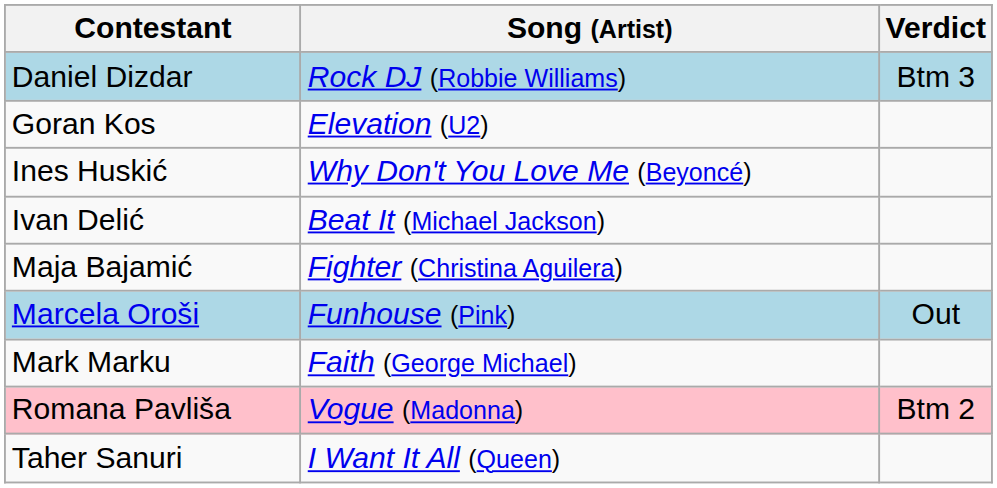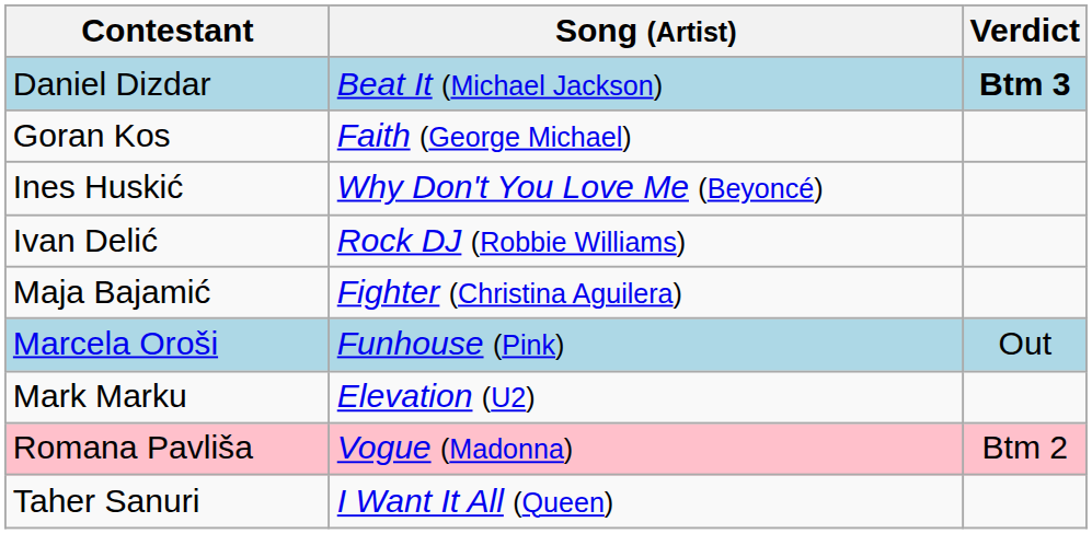 <table class="wikitable">
 <tr>
 <th width="150">Contestant</th>
 <th width="300">Song <small>(Artist)</small></th>
 <th width="28">Verdict</th>
 </tr>
 <tr bgcolor="lightblue">
 <td align="left">Daniel Dizdar</td>
-<td align="left"><em><a href='#'>Rock DJ</a></em> <small>(<a href='#'>Robbie Williams</a>)</small></td>
-<td align="center">Btm 3</td>
+<td align="left"><em><a href='#'>Beat It</a></em> <small>(<a href='#'>Michael Jackson</a>)</small></td>
+<td align="center"><strong>Btm 3</strong></td>
 </tr>
 <tr>
 <td align="left">Goran Kos</td>
-<td align="left"><em><a href='#'>Elevation</a></em> <small>(<a href='#'>U2</a>)</small></td>
+<td align="left"><em><a href='#'>Faith</a></em> <small>(<a href='#'>George Michael</a>)</small></td>
 <td align="center"></td>
 </tr>
 <tr>
 <td align="left">Ines Huskić</td>
 <td align="left"><em><a href='#'>Why Don't You Love Me</a></em> <small>(<a href='#'>Beyoncé</a>)</small></td>
 <td align="center"></td>
 </tr>
 <tr>
 <td align="left">Ivan Delić</td>
-<td align="left"><em><a href='#'>Beat It</a></em> <small>(<a href='#'>Michael Jackson</a>)</small></td>
+<td align="left"><em><a href='#'>Rock DJ</a></em> <small>(<a href='#'>Robbie Williams</a>)</small></td>
 <td align="center"></td>
 </tr>
 <tr>
 <td align="left">Maja Bajamić</td>
 <td align="left"><em><a href='#'>Fighter</a></em> <small>(<a href='#'>Christina Aguilera</a>)</small></td>
 <td align="center"></td>
 </tr>
 <tr bgcolor="lightblue">
 <td align="left"><a href='#'>Marcela Oroši</a></td>
 <td align="left"><em><a href='#'>Funhouse</a></em> <small>(<a href='#'>Pink</a>)</small></td>
 <td align="center">Out</td>
 </tr>
 <tr>
 <td align="left">Mark Marku</td>
-<td align="left"><em><a href='#'>Faith</a></em> <small>(<a href='#'>George Michael</a>)</small></td>
+<td align="left"><em><a href='#'>Elevation</a></em> <small>(<a href='#'>U2</a>)</small></td>
 <td align="center"></td>
 </tr>
 <tr bgcolor="pink">
 <td align="left">Romana Pavliša</td>
 <td align="left"><em><a href='#'>Vogue</a></em> <small>(<a href='#'>Madonna</a>)</small></td>
 <td align="center">Btm 2</td>
 </tr>
 <tr>
 <td align="left">Taher Sanuri</td>
 <td align="left"><em><a href='#'>I Want It All</a></em> <small>(<a href='#'>Queen</a>)</small></td>
 <td align="center"></td>
 </tr>
 </table>
